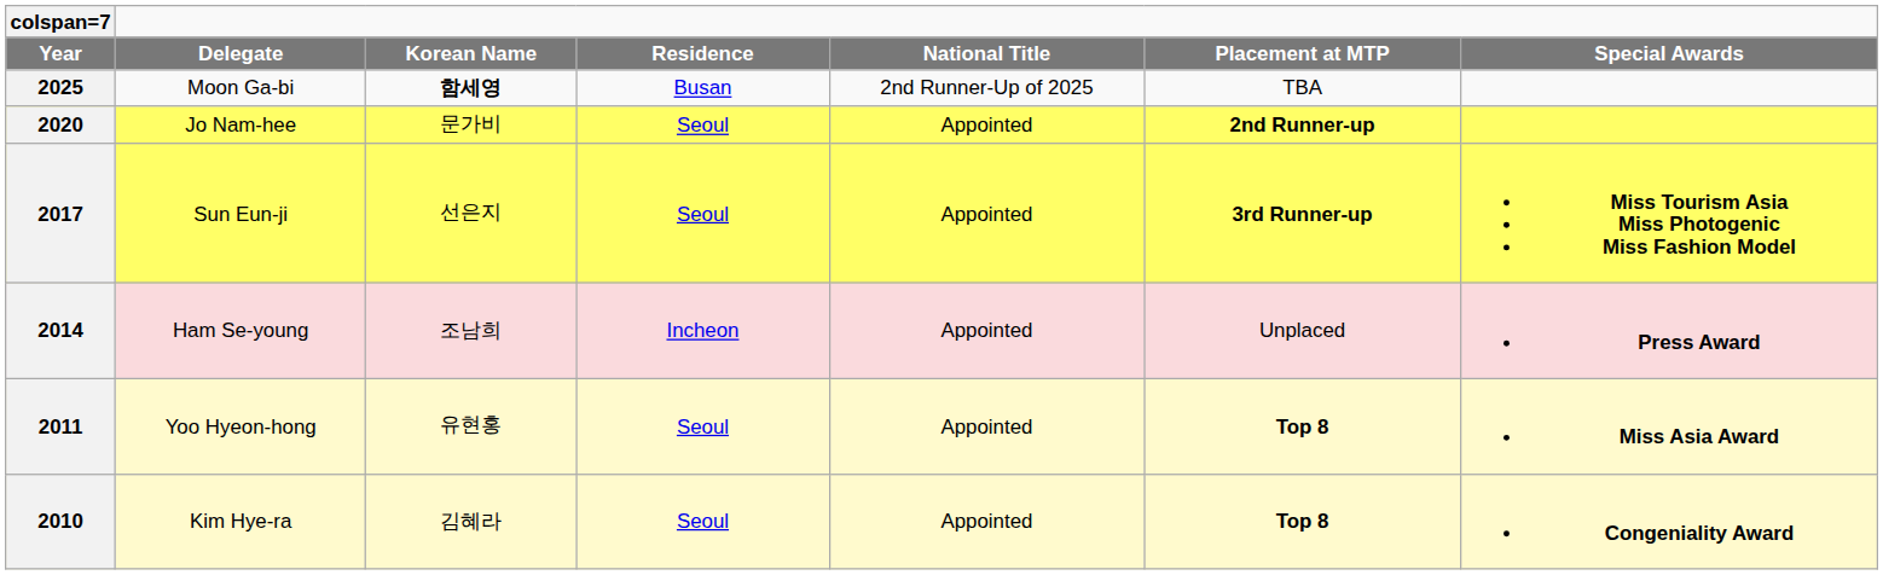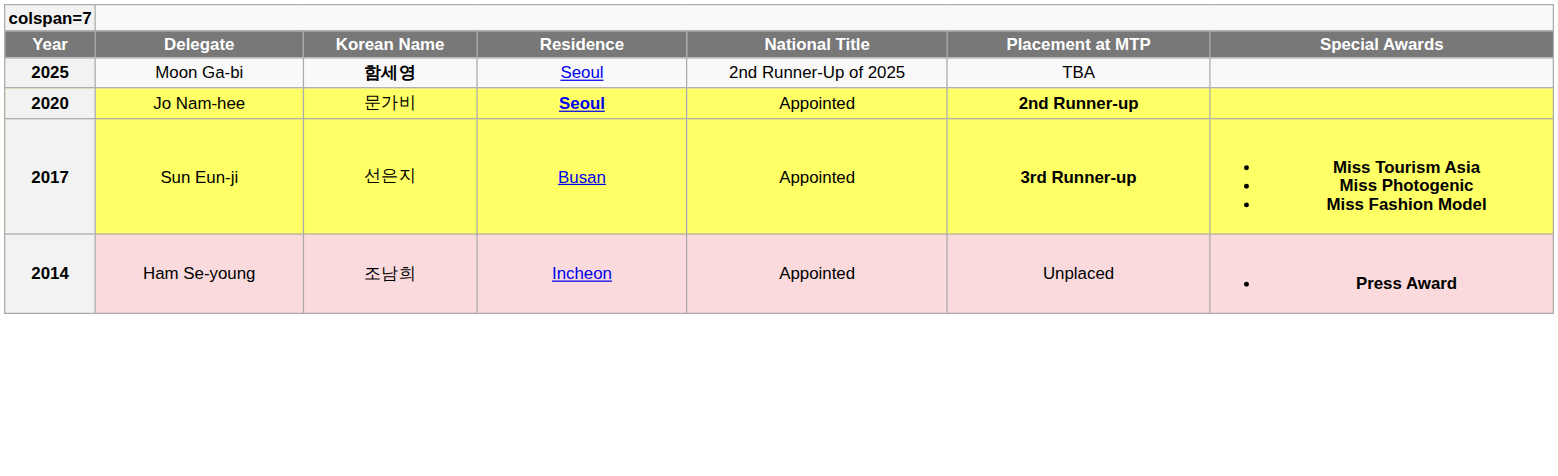 <table class="wikitable sortable" style="font-size: 85%; text-align:center">
 <tr>
 <th>colspan=7 </th>
 </tr>
 <tr>
 <th width="60" style="background-color:#787878;color:#FFFFFF;">Year</th>
 <th width="180" style="background-color:#787878;color:#FFFFFF;">Delegate</th>
 <th width="150" style="background-color:#787878;color:#FFFFFF;">Korean Name</th>
 <th width="180" style="background-color:#787878;color:#FFFFFF;">Residence</th>
 <th width="230" style="background-color:#787878;color:#FFFFFF;">National Title</th>
 <th width="230" style="background-color:#787878;color:#FFFFFF;">Placement at MTP</th>
 <th width="300" style="background-color:#787878;color:#FFFFFF;">Special Awards</th>
 </tr>
 <tr>
 <th>2025</th>
 <td>Moon Ga-bi</td>
 <td><strong>함세영</strong></td>
-<td><a href='#'>Busan</a></td>
+<td><a href='#'>Seoul</a></td>
 <td>2nd Runner-Up of 2025</td>
 <td>TBA</td>
 </tr>
 <tr style="background-color:#FFFF66;">
 <th>2020</th>
 <td>Jo Nam-hee</td>
 <td>문가비</td>
-<td><a href='#'>Seoul</a></td>
+<td><strong><a href='#'>Seoul</a></strong></td>
 <td>Appointed</td>
 <td><strong>2nd Runner-up</strong></td>
 <td></td>
 </tr>
 <tr style="background-color:#FFFF66;">
 <th>2017</th>
 <td>Sun Eun-ji</td>
 <td>선은지</td>
-<td><a href='#'>Seoul</a></td>
+<td><a href='#'>Busan</a></td>
 <td>Appointed</td>
 <td><strong>3rd Runner-up</strong></td>
 <td><br><ul><li><strong>Miss Tourism Asia</strong></li><li><strong>Miss Photogenic</strong></li><li><strong>Miss Fashion Model</strong></li></ul></td>
 </tr>
 <tr style="background-color:#FADADD;: bold">
 <th>2014</th>
 <td>Ham Se-young</td>
 <td>조남희</td>
 <td><a href='#'>Incheon</a></td>
 <td>Appointed</td>
 <td>Unplaced</td>
 <td><br><ul><li><strong>Press Award</strong></li></ul></td>
 </tr>
-<tr style="background-color:#FFFACD;">
-<th>2011</th>
-<td>Yoo Hyeon-hong</td>
-<td>유현홍</td>
-<td><a href='#'>Seoul</a></td>
-<td>Appointed</td>
-<td><strong>Top 8</strong></td>
-<td><br><ul><li><strong>Miss Asia Award</strong></li></ul></td>
-</tr>
-<tr style="background-color:#FFFACD;">
-<th>2010</th>
-<td>Kim Hye-ra</td>
-<td>김혜라</td>
-<td><a href='#'>Seoul</a></td>
-<td>Appointed</td>
-<td><strong>Top 8</strong></td>
-<td><br><ul><li><strong>Congeniality Award</strong></li></ul></td>
-</tr>
 </table>
